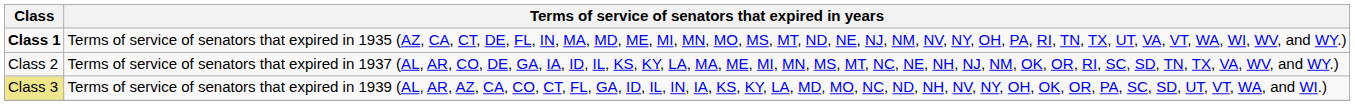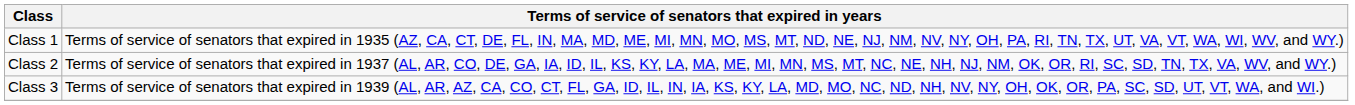 <table class="wikitable sortable">
 <tr valign=bottom>
 <th>Class</th>
 <th>Terms of service of senators that expired in years</th>
 </tr>
 <tr>
-<td><strong>Class 1</strong></td>
+<td>Class 1</td>
 <td>Terms of service of senators that expired in 1935 (<a href='#'>AZ</a>, <a href='#'>CA</a>, <a href='#'>CT</a>, <a href='#'>DE</a>, <a href='#'>FL</a>, <a href='#'>IN</a>, <a href='#'>MA</a>, <a href='#'>MD</a>, <a href='#'>ME</a>,  <a href='#'>MI</a>, <a href='#'>MN</a>, <a href='#'>MO</a>, <a href='#'>MS</a>, <a href='#'>MT</a>, <a href='#'>ND</a>, <a href='#'>NE</a>, <a href='#'>NJ</a>, <a href='#'>NM</a>, <a href='#'>NV</a>, <a href='#'>NY</a>, <a href='#'>OH</a>, <a href='#'>PA</a>, <a href='#'>RI</a>, <a href='#'>TN</a>, <a href='#'>TX</a>, <a href='#'>UT</a>, <a href='#'>VA</a>, <a href='#'>VT</a>, <a href='#'>WA</a>, <a href='#'>WI</a>, <a href='#'>WV</a>, and <a href='#'>WY</a>.)</td>
 </tr>
 <tr>
 <td>Class 2</td>
 <td>Terms of service of senators that expired in 1937 (<a href='#'>AL</a>, <a href='#'>AR</a>, <a href='#'>CO</a>, <a href='#'>DE</a>, <a href='#'>GA</a>, <a href='#'>IA</a>, <a href='#'>ID</a>, <a href='#'>IL</a>, <a href='#'>KS</a>, <a href='#'>KY</a>, <a href='#'>LA</a>, <a href='#'>MA</a>, <a href='#'>ME</a>, <a href='#'>MI</a>, <a href='#'>MN</a>, <a href='#'>MS</a>, <a href='#'>MT</a>, <a href='#'>NC</a>, <a href='#'>NE</a>, <a href='#'>NH</a>, <a href='#'>NJ</a>, <a href='#'>NM</a>, <a href='#'>OK</a>, <a href='#'>OR</a>, <a href='#'>RI</a>, <a href='#'>SC</a>, <a href='#'>SD</a>, <a href='#'>TN</a>, <a href='#'>TX</a>, <a href='#'>VA</a>, <a href='#'>WV</a>, and <a href='#'>WY</a>.)</td>
 </tr>
 <tr>
-<td style="background: khaki;">Class 3</td>
+<td>Class 3</td>
 <td>Terms of service of senators that expired in 1939 (<a href='#'>AL</a>, <a href='#'>AR</a>, <a href='#'>AZ</a>, <a href='#'>CA</a>, <a href='#'>CO</a>, <a href='#'>CT</a>, <a href='#'>FL</a>, <a href='#'>GA</a>, <a href='#'>ID</a>, <a href='#'>IL</a>, <a href='#'>IN</a>, <a href='#'>IA</a>, <a href='#'>KS</a>, <a href='#'>KY</a>, <a href='#'>LA</a>, <a href='#'>MD</a>, <a href='#'>MO</a>, <a href='#'>NC</a>, <a href='#'>ND</a>, <a href='#'>NH</a>, <a href='#'>NV</a>, <a href='#'>NY</a>, <a href='#'>OH</a>, <a href='#'>OK</a>, <a href='#'>OR</a>, <a href='#'>PA</a>, <a href='#'>SC</a>, <a href='#'>SD</a>, <a href='#'>UT</a>, <a href='#'>VT</a>, <a href='#'>WA</a>, and <a href='#'>WI</a>.)</td>
 </tr>
 <tr>
 </tr>
 </table>
